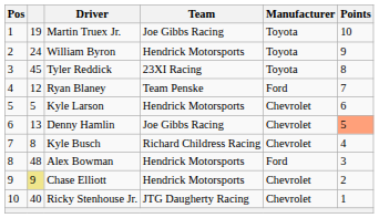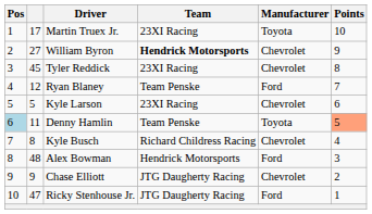 <table class="wikitable" style="font-size:98%">
 <tr>
 <th>Pos</th>
 <th></th>
 <th>Driver</th>
 <th>Team</th>
 <th>Manufacturer</th>
 <th>Points</th>
 </tr>
 <tr>
 <td>1</td>
-<td>19</td>
+<td>17</td>
 <td>Martin Truex Jr.</td>
-<td>Joe Gibbs Racing</td>
+<td>23XI Racing</td>
 <td>Toyota</td>
 <td>10</td>
 </tr>
 <tr>
 <td>2</td>
-<td>24</td>
+<td>27</td>
 <td>William Byron</td>
-<td>Hendrick Motorsports</td>
-<td>Toyota</td>
+<td><strong>Hendrick Motorsports</strong></td>
+<td>Chevrolet</td>
 <td>9</td>
 </tr>
 <tr>
 <td>3</td>
 <td>45</td>
 <td>Tyler Reddick</td>
 <td>23XI Racing</td>
-<td>Toyota</td>
+<td>Chevrolet</td>
 <td>8</td>
 </tr>
 <tr>
 <td>4</td>
 <td>12</td>
 <td>Ryan Blaney</td>
 <td>Team Penske</td>
 <td>Ford</td>
 <td>7</td>
 </tr>
 <tr>
 <td>5</td>
 <td>5</td>
 <td>Kyle Larson</td>
-<td>Hendrick Motorsports</td>
+<td>23XI Racing</td>
 <td>Chevrolet</td>
 <td>6</td>
 </tr>
 <tr>
-<td>6</td>
-<td>13</td>
+<td style="background: lightblue;">6</td>
+<td>11</td>
 <td>Denny Hamlin</td>
-<td>Joe Gibbs Racing</td>
-<td>Chevrolet</td>
+<td>Team Penske</td>
+<td>Toyota</td>
 <td style="background: lightsalmon;">5</td>
 </tr>
 <tr>
 <td>7</td>
 <td>8</td>
 <td>Kyle Busch</td>
 <td>Richard Childress Racing</td>
 <td>Chevrolet</td>
 <td>4</td>
 </tr>
 <tr>
 <td>8</td>
 <td>48</td>
 <td>Alex Bowman</td>
 <td>Hendrick Motorsports</td>
 <td>Ford</td>
 <td>3</td>
 </tr>
 <tr>
 <td>9</td>
-<td style="background: khaki;">9</td>
+<td>9</td>
 <td>Chase Elliott</td>
-<td>Hendrick Motorsports</td>
+<td>JTG Daugherty Racing</td>
 <td>Chevrolet</td>
 <td>2</td>
 </tr>
 <tr>
 <td>10</td>
-<td>40</td>
+<td>47</td>
 <td>Ricky Stenhouse Jr.</td>
 <td>JTG Daugherty Racing</td>
-<td>Chevrolet</td>
+<td>Ford</td>
 <td>1</td>
 </tr>
 <tr>
 <th colspan="6"></th>
 </tr>
 </table>
